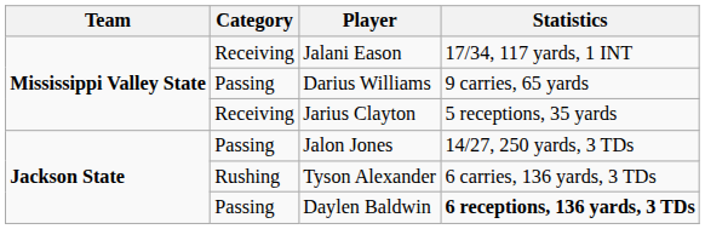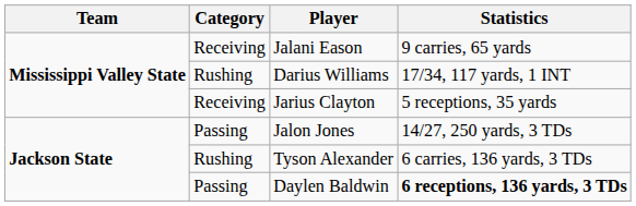 <table class="wikitable" style="float: left;">
 <tr>
 <th>Team</th>
 <th>Category</th>
 <th>Player</th>
 <th>Statistics</th>
 </tr>
 <tr>
 <td rowspan=3><strong>Mississippi Valley State</strong></td>
 <td>Receiving</td>
 <td>Jalani Eason</td>
-<td>17/34, 117 yards, 1 INT</td>
+<td>9 carries, 65 yards</td>
 </tr>
 <tr>
-<td>Passing</td>
+<td>Rushing</td>
 <td>Darius Williams</td>
-<td>9 carries, 65 yards</td>
+<td>17/34, 117 yards, 1 INT</td>
 </tr>
 <tr>
 <td>Receiving</td>
 <td>Jarius Clayton</td>
 <td>5 receptions, 35 yards</td>
 </tr>
 <tr>
 <td rowspan=3><strong>Jackson State</strong></td>
 <td>Passing</td>
 <td>Jalon Jones</td>
 <td>14/27, 250 yards, 3 TDs</td>
 </tr>
 <tr>
 <td>Rushing</td>
 <td>Tyson Alexander</td>
 <td>6 carries, 136 yards, 3 TDs</td>
 </tr>
 <tr>
 <td>Passing</td>
 <td>Daylen Baldwin</td>
 <td><strong>6 receptions, 136 yards, 3 TDs</strong></td>
 </tr>
 </table>
